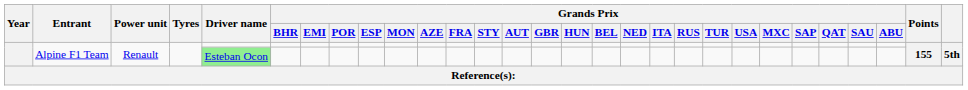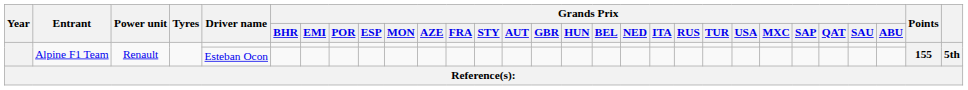 <table class="wikitable" style="text-align:center; font-size:90%">
 <tr>
 <th rowspan="2">Year</th>
 <th rowspan="2">Entrant</th>
 <th rowspan="2">Power unit</th>
 <th rowspan="2">Tyres</th>
 <th rowspan="2">Driver name</th>
 <th colspan="22">Grands Prix</th>
 <th rowspan="2">Points</th>
 <th rowspan="2"></th>
 </tr>
 <tr>
 <th><a href='#'>BHR</a></th>
 <th><a href='#'>EMI</a></th>
 <th><a href='#'>POR</a></th>
 <th><a href='#'>ESP</a></th>
 <th><a href='#'>MON</a></th>
 <th><a href='#'>AZE</a></th>
 <th><a href='#'>FRA</a></th>
 <th><a href='#'>STY</a></th>
 <th><a href='#'>AUT</a></th>
 <th><a href='#'>GBR</a></th>
 <th><a href='#'>HUN</a></th>
 <th><a href='#'>BEL</a></th>
 <th><a href='#'>NED</a></th>
 <th><a href='#'>ITA</a></th>
 <th><a href='#'>RUS</a></th>
 <th><a href='#'>TUR</a></th>
 <th><a href='#'>USA</a></th>
 <th><a href='#'>MXC</a></th>
 <th><a href='#'>SAP</a></th>
 <th><a href='#'>QAT</a></th>
 <th><a href='#'>SAU</a></th>
 <th><a href='#'>ABU</a></th>
 </tr>
 <tr>
 <th rowspan="2"></th>
 <td rowspan="2"><a href='#'>Alpine F1 Team</a></td>
 <td rowspan="2"><a href='#'>Renault</a><br></td>
 <td rowspan="2"></td>
 <td align=left></td>
 <td></td>
 <td></td>
 <td></td>
 <td></td>
 <td></td>
 <td></td>
 <td></td>
 <td></td>
 <td></td>
 <td></td>
 <td></td>
 <td></td>
 <td></td>
 <td></td>
 <td></td>
 <td></td>
 <td></td>
 <td></td>
 <td></td>
 <td></td>
 <td></td>
 <td></td>
 <th rowspan="2">155</th>
 <th rowspan="2">5th</th>
 </tr>
 <tr>
-<td align=left style="background: lightgreen;"> <a href='#'>Esteban Ocon</a></td>
+<td align=left> <a href='#'>Esteban Ocon</a></td>
 <td></td>
 <td></td>
 <td></td>
 <td></td>
 <td></td>
 <td></td>
 <td></td>
 <td></td>
 <td></td>
 <td></td>
 <td></td>
 <td></td>
 <td></td>
 <td></td>
 <td></td>
 <td></td>
 <td></td>
 <td></td>
 <td></td>
 <td></td>
 <td></td>
 <td></td>
 </tr>
 <tr>
 <th colspan="30">Reference(s):</th>
 </tr>
 </table>
